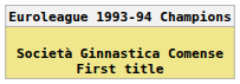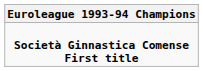 <table class=wikitable style="text-align:center; margin:auto">
 <tr>
 <th>Euroleague 1993-94 Champions</th>
 </tr>
 <tr>
-<td style="background: khaki;"><br> <strong>Società Ginnastica Comense</strong> <br> <strong>First title</strong></td>
+<td><br> <strong>Società Ginnastica Comense</strong> <br> <strong>First title</strong></td>
 </tr>
 </table>
